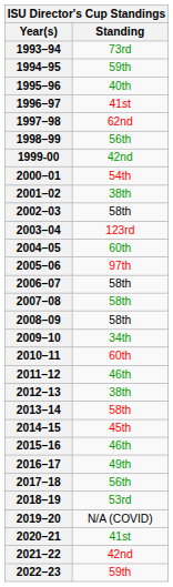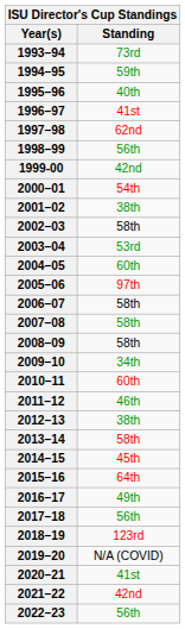 <table class="wikitable" style="text-align:center">
 <tr>
 <th colspan=2>ISU Director's Cup Standings</th>
 </tr>
 <tr>
 <th width=px>Year(s)</th>
 <th width=px>Standing</th>
 </tr>
 <tr>
 <th>1993–94</th>
 <td an="1" style="color:#090;">73rd</td>
 </tr>
 <tr>
 <th>1994–95</th>
 <td an="1" style="color:#090;">59th</td>
 </tr>
 <tr>
 <th>1995–96</th>
 <td style="color:#090;">40th</td>
 </tr>
 <tr>
 <th>1996–97</th>
 <td style="color:#f00;">41st</td>
 </tr>
 <tr>
 <th>1997–98</th>
 <td style="color:#f00;">62nd</td>
 </tr>
 <tr>
 <th>1998–99</th>
 <td an="1" style="color:#090;">56th</td>
 </tr>
 <tr>
 <th>1999-00</th>
 <td an="1" style="color:#090;">42nd</td>
 </tr>
 <tr>
 <th>2000–01</th>
 <td an="1" style="color:#f00;">54th</td>
 </tr>
 <tr>
 <th>2001–02</th>
 <td an="1" style="color:#090;">38th</td>
 </tr>
 <tr>
 <th>2002–03</th>
 <td>58th</td>
 </tr>
 <tr>
 <th>2003–04</th>
-<td an="1" style="color:#f00;">123rd</td>
+<td an="1" style="color:#090;">53rd</td>
 </tr>
 <tr>
 <th>2004–05</th>
 <td an="1" style="color:#090;">60th</td>
 </tr>
 <tr>
 <th>2005–06</th>
 <td an="1" style="color:#f00;">97th</td>
 </tr>
 <tr>
 <th>2006–07</th>
 <td>58th</td>
 </tr>
 <tr>
 <th>2007–08</th>
 <td an="1" style="color:#090;">58th</td>
 </tr>
 <tr>
 <th>2008–09</th>
 <td>58th</td>
 </tr>
 <tr>
 <th>2009–10</th>
 <td an="1" style="color:#090;">34th</td>
 </tr>
 <tr>
 <th>2010–11</th>
 <td an="1" style="color:#f00;">60th</td>
 </tr>
 <tr>
 <th>2011–12</th>
 <td an="1" style="color:#090;">46th</td>
 </tr>
 <tr>
 <th>2012–13</th>
 <td an="1" style="color:#090;">38th</td>
 </tr>
 <tr>
 <th>2013–14</th>
 <td an="1" style="color:#f00;">58th</td>
 </tr>
 <tr>
 <th>2014–15</th>
 <td an="1" style="color:#f00;">45th</td>
 </tr>
 <tr>
 <th>2015–16</th>
-<td an="1" style="color:#090;">46th</td>
+<td an="1" style="color:#f00;">64th</td>
 </tr>
 <tr>
 <th>2016–17</th>
 <td style="color:#090;">49th</td>
 </tr>
 <tr>
 <th>2017–18</th>
 <td an="1" style="color:#090;">56th</td>
 </tr>
 <tr>
 <th>2018–19</th>
-<td an="1" style="color:#090;">53rd</td>
+<td an="1" style="color:#f00;">123rd</td>
 </tr>
 <tr>
 <th>2019–20</th>
 <td an="1" style=>N/A (COVID)</td>
 </tr>
 <tr>
 <th>2020–21</th>
 <td an="1" style="color:#090;">41st</td>
 </tr>
 <tr>
 <th>2021–22</th>
 <td an="1" style="color:#f00;">42nd</td>
 </tr>
 <tr>
 <th>2022–23</th>
-<td an="1" style="color:#f00;">59th</td>
+<td an="1" style="color:#090;">56th</td>
 </tr>
 </table>
